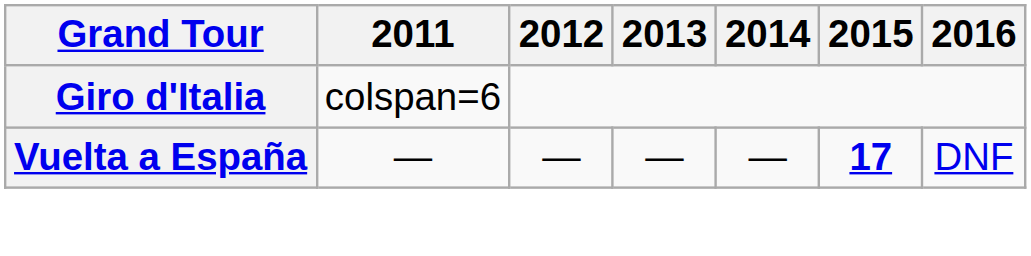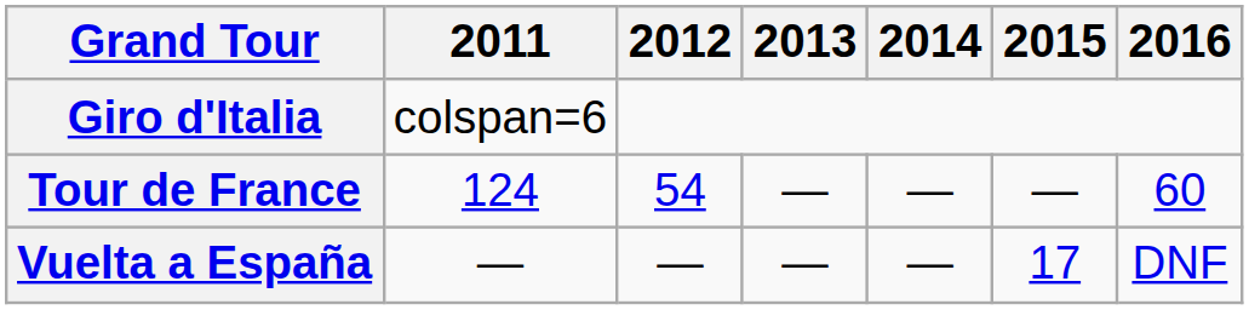 <table class="wikitable plainrowheaders">
 <tr>
 <th scope="col"><a href='#'>Grand Tour</a></th>
 <th scope="col">2011</th>
 <th scope="col">2012</th>
 <th scope="col">2013</th>
 <th scope="col">2014</th>
 <th scope="col">2015</th>
 <th scope="col">2016</th>
 </tr>
 <tr style="text-align:center;">
 <th scope="row"> <a href='#'>Giro d'Italia</a></th>
 <td>colspan=6 </td>
 </tr>
 <tr style="text-align:center;">
+<th scope="row"> <a href='#'>Tour de France</a></th>
+<td><a href='#'>124</a></td>
+<td><a href='#'>54</a></td>
+<td>—</td>
+<td>—</td>
+<td>—</td>
+<td><a href='#'>60</a></td>
+</tr>
+<tr style="text-align:center;">
 <th scope="row"> <a href='#'>Vuelta a España</a></th>
 <td>—</td>
 <td>—</td>
 <td>—</td>
 <td>—</td>
-<td><strong><a href='#'>17</a></strong></td>
+<td><a href='#'>17</a></td>
 <td><a href='#'>DNF</a></td>
 </tr>
 </table>
